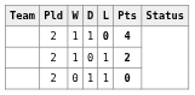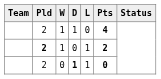 <table style=border-collapse:collapse border=1 cellspacing=0 cellpadding=5>
 <tr align=center bgcolor=#efefef>
 <th>Team</th>
 <th>Pld</th>
 <th>W</th>
 <th>D</th>
 <th>L</th>
 <th>Pts</th>
 <th>Status</th>
 </tr>
 <tr align=center style="background:#FFFFFF;">
 <td style="text-align:left;"> </td>
 <td>2</td>
 <td>1</td>
 <td>1</td>
-<td><strong>0</strong></td>
+<td>0</td>
 <td><strong>4</strong></td>
 <td rowspan=3></td>
 </tr>
 <tr align=center style="background:#FFFFFF;">
 <td style="text-align:left;"> </td>
-<td>2</td>
+<td><strong>2</strong></td>
 <td>1</td>
 <td>0</td>
 <td>1</td>
 <td><strong>2</strong></td>
 </tr>
 <tr align=center style="background:#FFFFFF;">
 <td style="text-align:left;"> </td>
 <td>2</td>
 <td>0</td>
-<td>1</td>
+<td><strong>1</strong></td>
 <td>1</td>
 <td><strong>0</strong></td>
 </tr>
 </table>
